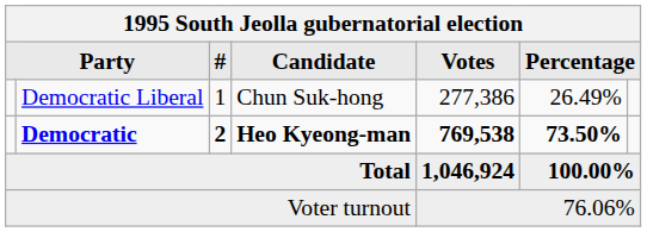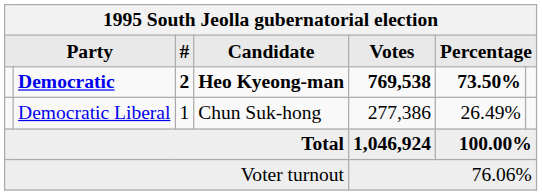 <table class="wikitable">
 <tr>
 <th colspan="7">1995 South Jeolla gubernatorial election</th>
 </tr>
 <tr>
 <th style="background-color:#E9E9E9" colspan=2>Party</th>
 <th style="background-color:#E9E9E9">#</th>
 <th style="background-color:#E9E9E9">Candidate</th>
 <th style="background-color:#E9E9E9">Votes</th>
 <th style="background-color:#E9E9E9" colspan=2>Percentage</th>
 </tr>
+<tr style="font-weight:bold">
+<td></td>
+<td align=left><a href='#'>Democratic</a></td>
+<td align=center>2</td>
+<td align=left>Heo Kyeong-man</td>
+<td align=right>769,538</td>
+<td align=right>73.50%</td>
+<td align=right></td>
+</tr>
 <tr>
 <td></td>
 <td align=left><a href='#'>Democratic Liberal</a></td>
 <td align=center>1</td>
 <td align=left>Chun Suk-hong</td>
 <td align=right>277,386</td>
 <td align=right>26.49%</td>
-<td align=right></td>
-</tr>
-<tr style="font-weight:bold">
-<td></td>
-<td align=left><a href='#'>Democratic</a></td>
-<td align=center>2</td>
-<td align=left>Heo Kyeong-man</td>
-<td align=right>769,538</td>
-<td align=right>73.50%</td>
 <td align=right></td>
 </tr>
 <tr bgcolor="#EEEEEE" style="font-weight:bold">
 <td colspan="4" align=right>Total</td>
 <td align=right>1,046,924</td>
 <td align=right colspan=2>100.00%</td>
 </tr>
 <tr bgcolor="#EEEEEE">
 <td colspan="4" align="right">Voter turnout</td>
 <td colspan="3" align="right">76.06%</td>
 </tr>
 </table>
